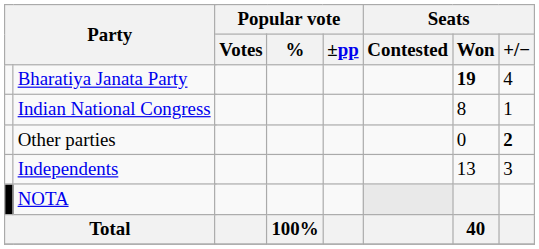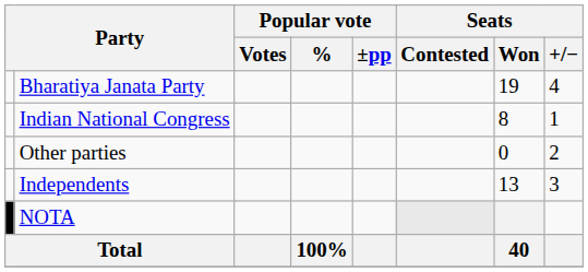 <table class="wikitable">
 <tr>
 <th colspan="4" rowspan="2">Party</th>
 <th colspan="3">Popular vote</th>
 <th colspan="3">Seats</th>
 </tr>
 <tr>
 <th>Votes</th>
 <th>%</th>
 <th>±<a href='#'>pp</a></th>
 <th>Contested</th>
 <th>Won</th>
 <th><strong>+/−</strong></th>
 </tr>
 <tr>
 <td></td>
 <td colspan="3"><a href='#'>Bharatiya Janata Party</a></td>
 <td></td>
 <td></td>
 <td></td>
 <td></td>
-<td><strong>19</strong></td>
+<td>19</td>
 <td>4</td>
 </tr>
 <tr>
 <td></td>
 <td colspan="3"><a href='#'>Indian National Congress</a></td>
 <td></td>
 <td></td>
 <td></td>
 <td></td>
 <td>8</td>
 <td>1</td>
 </tr>
 <tr>
 <td></td>
 <td colspan="3">Other parties</td>
 <td></td>
 <td></td>
 <td></td>
 <td></td>
 <td>0</td>
-<td><strong>2</strong></td>
+<td>2</td>
 </tr>
 <tr>
 <td></td>
 <td colspan="3"><a href='#'>Independents</a></td>
 <td></td>
 <td></td>
 <td></td>
 <td></td>
 <td>13</td>
 <td>3</td>
 </tr>
 <tr>
 <td style="background:Black; color:White"></td>
 <td colspan="3"><a href='#'>NOTA</a></td>
 <td></td>
 <td></td>
 <td></td>
 <th style="background-color:#E9E9E9"></th>
 <th></th>
 <td></td>
 </tr>
 <tr>
 <th colspan="4">Total</th>
 <th></th>
 <th>100%</th>
 <th></th>
 <th></th>
 <th>40</th>
 <th></th>
 </tr>
 <tr>
 </tr>
 </table>
